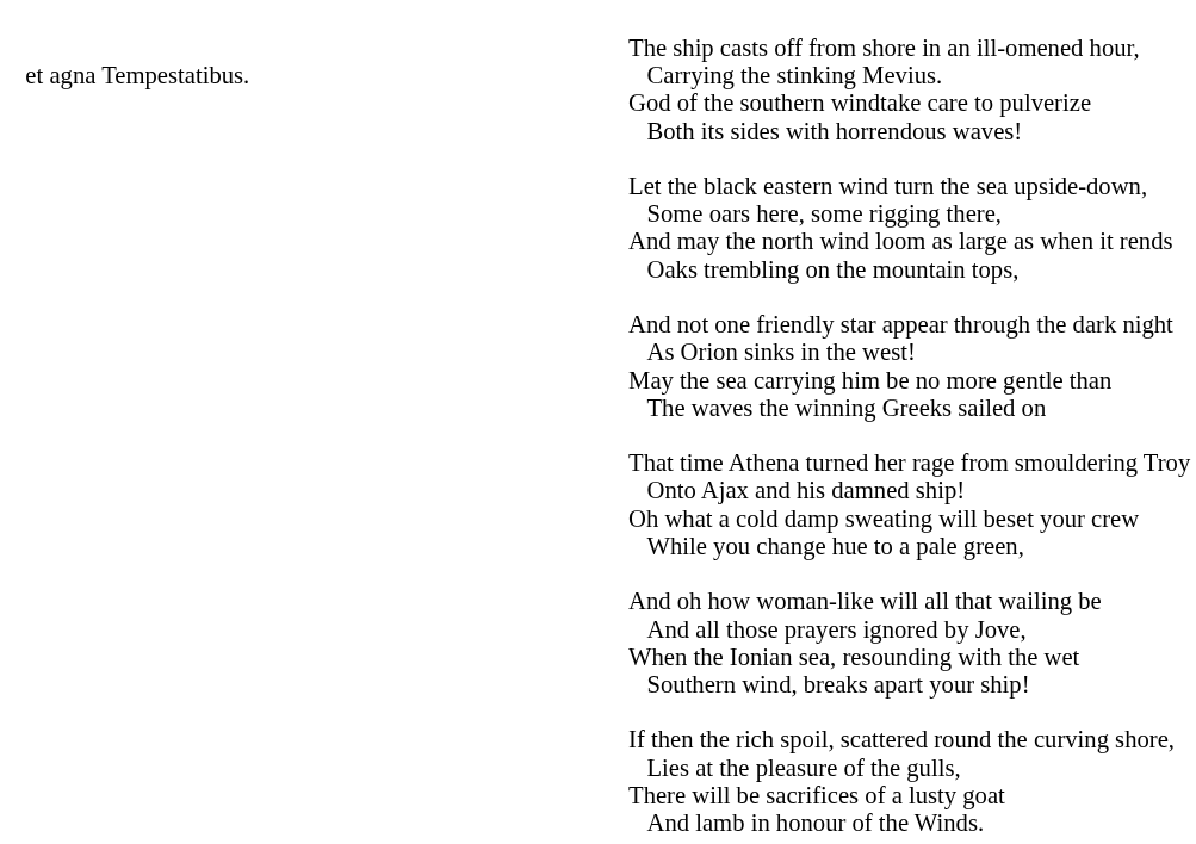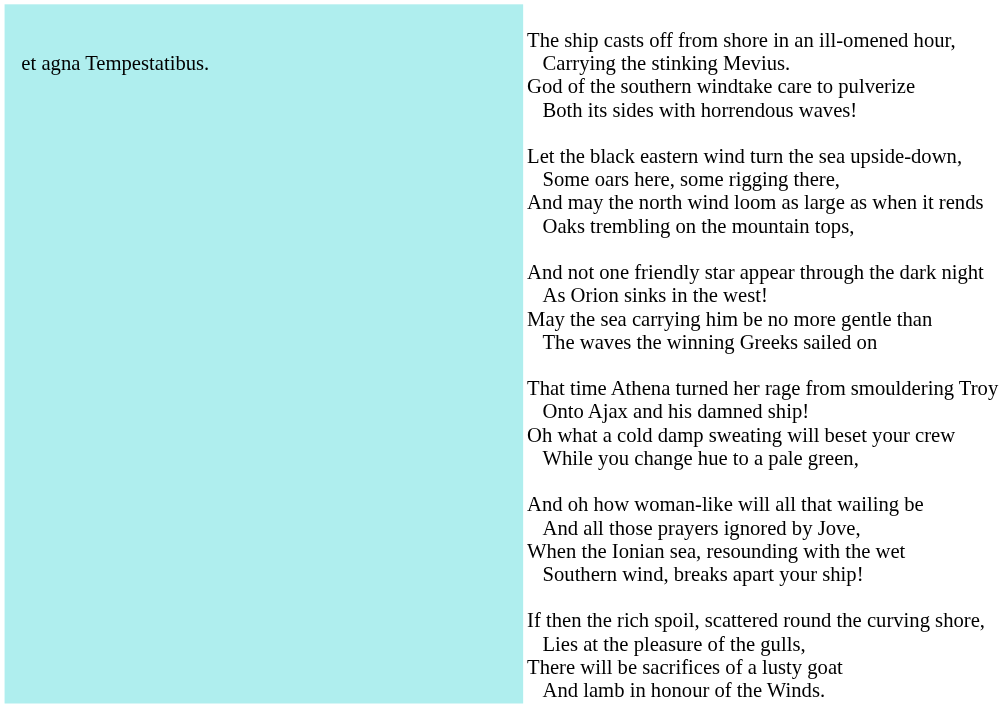 <table style="border: 0px; margin-left:100px; white-space:nowrap;">
 <tr>
 <th scope="col" width="400px"></th>
 <th scope="col" width="400px"></th>
 </tr>
 <tr border="0">
 </tr>
 <tr Valign=top>
-<td><br><br>    et agna Tempestatibus.<br></td>
+<td style="background: paleturquoise;"><br><br>    et agna Tempestatibus.<br></td>
 <td><br>The ship casts off from shore in an ill-omened hour,<br>    Carrying the stinking Mevius.<br> God of the southern windtake care to pulverize<br>    Both its sides with horrendous waves!<br> <br> Let the black eastern wind turn the sea upside-down,<br>    Some oars here, some rigging there,<br> And may the north wind loom as large as when it rends<br>    Oaks trembling on the mountain tops,<br> <br> And not one friendly star appear through the dark night<br>    As Orion sinks in the west!<br> May the sea carrying him be no more gentle than<br>    The waves the winning Greeks sailed on<br> <br> That time Athena turned her rage from smouldering Troy<br>    Onto Ajax and his damned ship!<br> Oh what a cold damp sweating will beset your crew<br>    While you change hue to a pale green,<br> <br> And oh how woman-like will all that wailing be<br>    And all those prayers ignored by Jove,<br> When the Ionian sea, resounding with the wet<br>    Southern wind, breaks apart your ship!<br> <br> If then the rich spoil, scattered round the curving shore,<br>    Lies at the pleasure of the gulls,<br> There will be sacrifices of a lusty goat<br>    And lamb in honour of the Winds.</td>
 </tr>
 </table>
